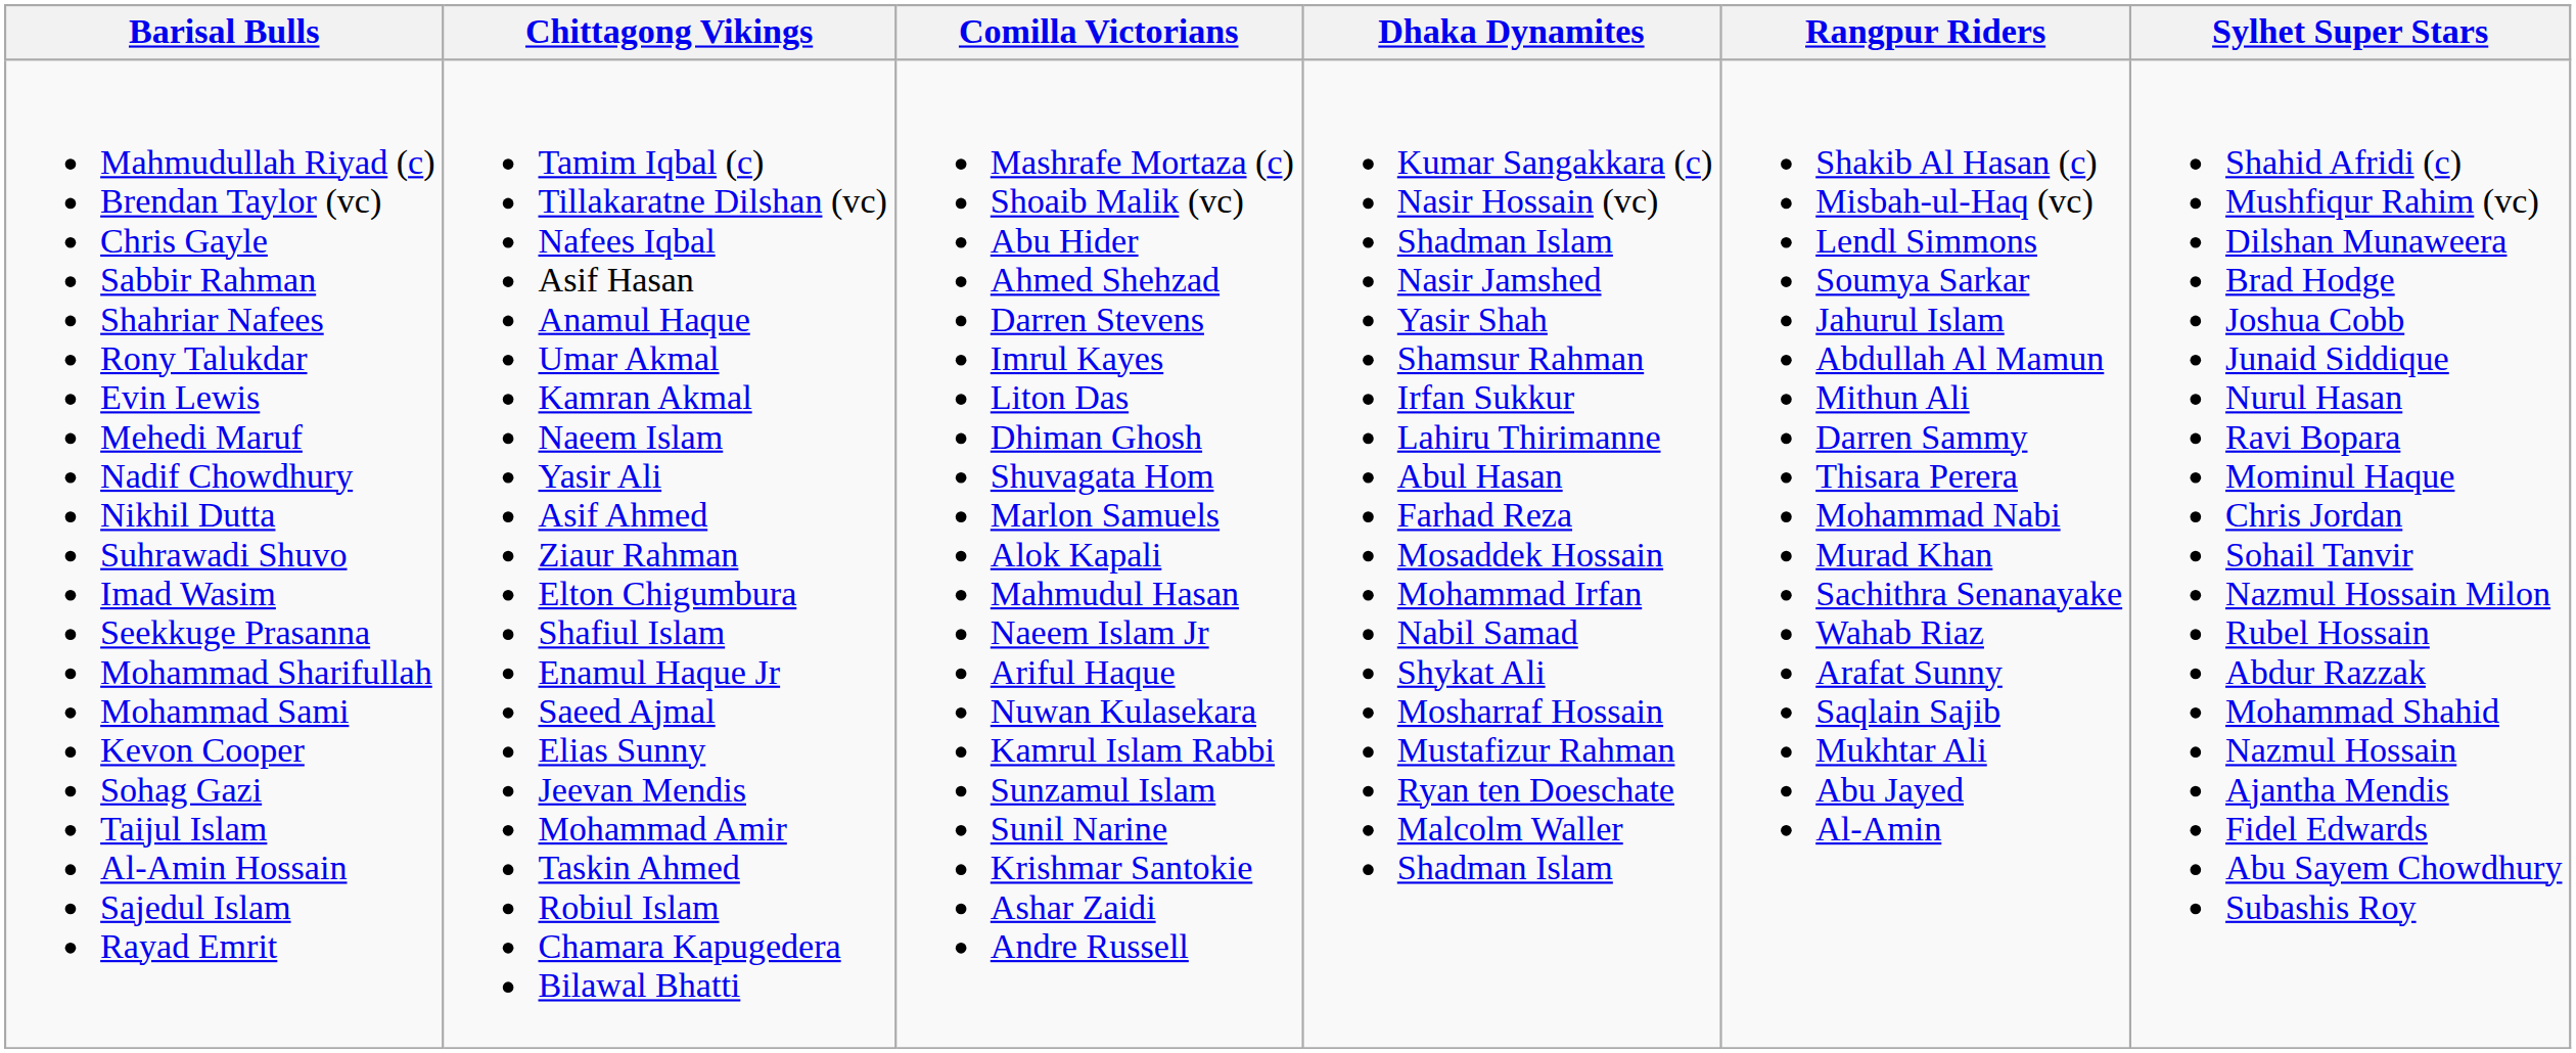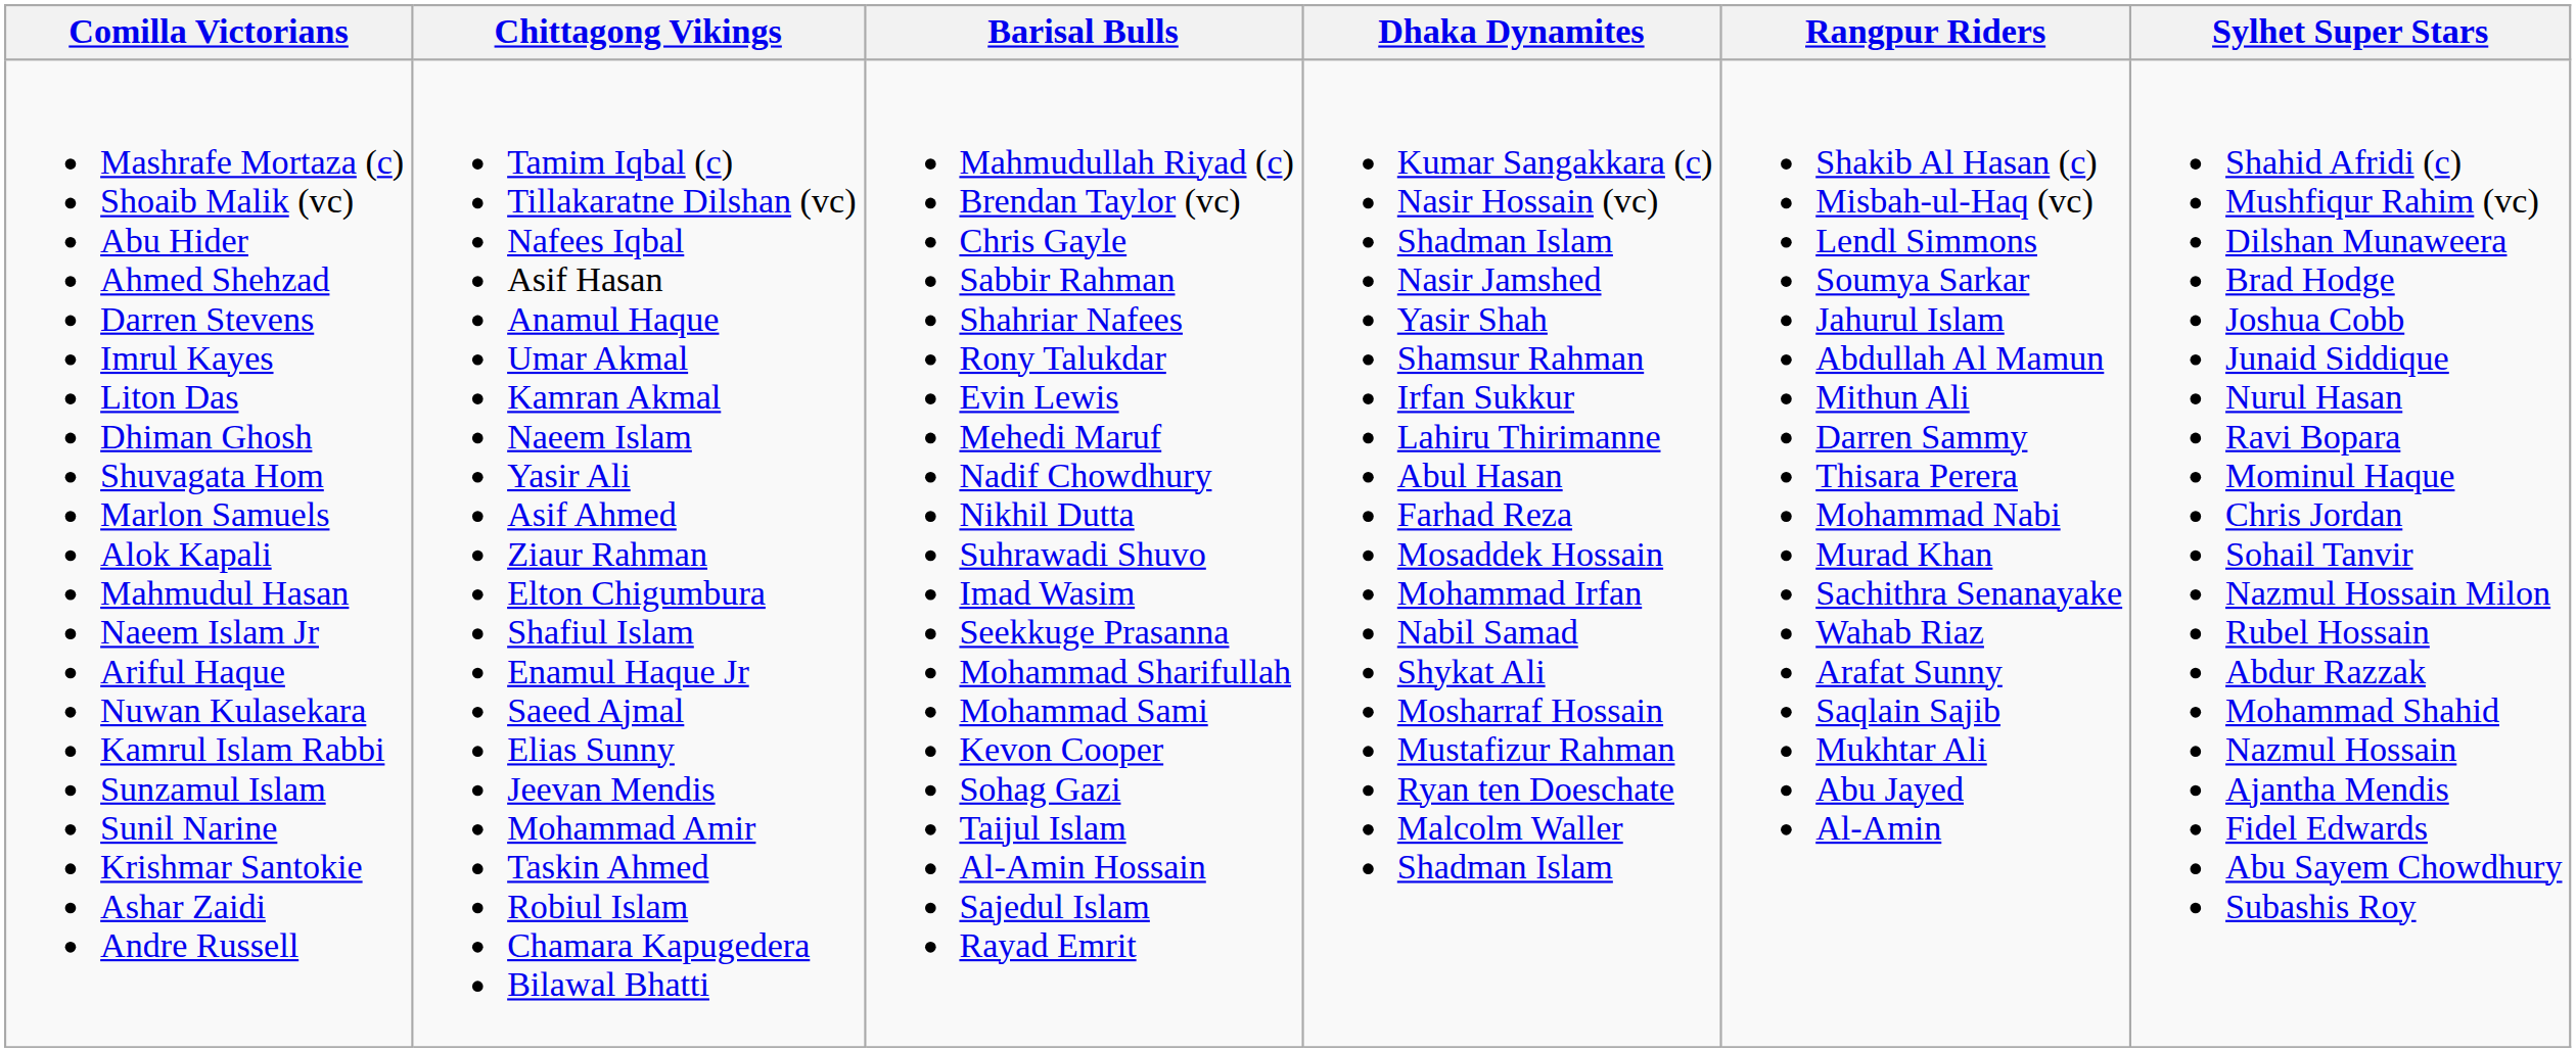 <table class="wikitable">
 <tr>
+<th><a href='#'>Comilla Victorians</a></th>
+<th><a href='#'>Chittagong Vikings</a></th>
 <th><a href='#'>Barisal Bulls</a></th>
-<th><a href='#'>Chittagong Vikings</a></th>
-<th><a href='#'>Comilla Victorians</a></th>
 <th><a href='#'>Dhaka Dynamites</a></th>
 <th><a href='#'>Rangpur Riders</a></th>
 <th><a href='#'>Sylhet Super Stars</a></th>
 </tr>
 <tr>
+<td valign=top><br><ul><li><a href='#'>Mashrafe Mortaza</a> (<a href='#'>c</a>)</li><li><a href='#'>Shoaib Malik</a> (vc)</li><li><a href='#'>Abu Hider</a></li><li><a href='#'>Ahmed Shehzad</a></li><li><a href='#'>Darren Stevens</a></li><li><a href='#'>Imrul Kayes</a></li><li><a href='#'>Liton Das</a></li><li><a href='#'>Dhiman Ghosh</a></li><li><a href='#'>Shuvagata Hom</a></li><li><a href='#'>Marlon Samuels</a></li><li><a href='#'>Alok Kapali</a></li><li><a href='#'>Mahmudul Hasan</a></li><li><a href='#'>Naeem Islam Jr</a></li><li><a href='#'>Ariful Haque</a></li><li><a href='#'>Nuwan Kulasekara</a></li><li><a href='#'>Kamrul Islam Rabbi</a></li><li><a href='#'>Sunzamul Islam</a></li><li><a href='#'>Sunil Narine</a></li><li><a href='#'>Krishmar Santokie</a></li><li><a href='#'>Ashar Zaidi</a></li><li><a href='#'>Andre Russell</a></li></ul></td>
+<td valign=top><br><ul><li><a href='#'>Tamim Iqbal</a> (<a href='#'>c</a>)</li><li><a href='#'>Tillakaratne Dilshan</a> (vc)</li><li><a href='#'>Nafees Iqbal</a></li><li>Asif Hasan</li><li><a href='#'>Anamul Haque</a></li><li><a href='#'>Umar Akmal</a></li><li><a href='#'>Kamran Akmal</a></li><li><a href='#'>Naeem Islam</a></li><li><a href='#'>Yasir Ali</a></li><li><a href='#'>Asif Ahmed</a></li><li><a href='#'>Ziaur Rahman</a></li><li><a href='#'>Elton Chigumbura</a></li><li><a href='#'>Shafiul Islam</a></li><li><a href='#'>Enamul Haque Jr</a></li><li><a href='#'>Saeed Ajmal</a></li><li><a href='#'>Elias Sunny</a></li><li><a href='#'>Jeevan Mendis</a></li><li><a href='#'>Mohammad Amir</a></li><li><a href='#'>Taskin Ahmed</a></li><li><a href='#'>Robiul Islam</a></li><li><a href='#'>Chamara Kapugedera</a></li><li><a href='#'>Bilawal Bhatti</a></li></ul></td>
 <td valign=top><br><ul><li><a href='#'>Mahmudullah Riyad</a> (<a href='#'>c</a>)</li><li><a href='#'>Brendan Taylor</a> (vc)</li><li><a href='#'>Chris Gayle</a></li><li><a href='#'>Sabbir Rahman</a></li><li><a href='#'>Shahriar Nafees</a></li><li><a href='#'>Rony Talukdar</a></li><li><a href='#'>Evin Lewis</a></li><li><a href='#'>Mehedi Maruf</a></li><li><a href='#'>Nadif Chowdhury</a></li><li><a href='#'>Nikhil Dutta</a></li><li><a href='#'>Suhrawadi Shuvo</a></li><li><a href='#'>Imad Wasim</a></li><li><a href='#'>Seekkuge Prasanna</a></li><li><a href='#'>Mohammad Sharifullah</a></li><li><a href='#'>Mohammad Sami</a></li><li><a href='#'>Kevon Cooper</a></li><li><a href='#'>Sohag Gazi</a></li><li><a href='#'>Taijul Islam</a></li><li><a href='#'>Al-Amin Hossain</a></li><li><a href='#'>Sajedul Islam</a></li><li><a href='#'>Rayad Emrit</a></li></ul></td>
-<td valign=top><br><ul><li><a href='#'>Tamim Iqbal</a> (<a href='#'>c</a>)</li><li><a href='#'>Tillakaratne Dilshan</a> (vc)</li><li><a href='#'>Nafees Iqbal</a></li><li>Asif Hasan</li><li><a href='#'>Anamul Haque</a></li><li><a href='#'>Umar Akmal</a></li><li><a href='#'>Kamran Akmal</a></li><li><a href='#'>Naeem Islam</a></li><li><a href='#'>Yasir Ali</a></li><li><a href='#'>Asif Ahmed</a></li><li><a href='#'>Ziaur Rahman</a></li><li><a href='#'>Elton Chigumbura</a></li><li><a href='#'>Shafiul Islam</a></li><li><a href='#'>Enamul Haque Jr</a></li><li><a href='#'>Saeed Ajmal</a></li><li><a href='#'>Elias Sunny</a></li><li><a href='#'>Jeevan Mendis</a></li><li><a href='#'>Mohammad Amir</a></li><li><a href='#'>Taskin Ahmed</a></li><li><a href='#'>Robiul Islam</a></li><li><a href='#'>Chamara Kapugedera</a></li><li><a href='#'>Bilawal Bhatti</a></li></ul></td>
-<td valign=top><br><ul><li><a href='#'>Mashrafe Mortaza</a> (<a href='#'>c</a>)</li><li><a href='#'>Shoaib Malik</a> (vc)</li><li><a href='#'>Abu Hider</a></li><li><a href='#'>Ahmed Shehzad</a></li><li><a href='#'>Darren Stevens</a></li><li><a href='#'>Imrul Kayes</a></li><li><a href='#'>Liton Das</a></li><li><a href='#'>Dhiman Ghosh</a></li><li><a href='#'>Shuvagata Hom</a></li><li><a href='#'>Marlon Samuels</a></li><li><a href='#'>Alok Kapali</a></li><li><a href='#'>Mahmudul Hasan</a></li><li><a href='#'>Naeem Islam Jr</a></li><li><a href='#'>Ariful Haque</a></li><li><a href='#'>Nuwan Kulasekara</a></li><li><a href='#'>Kamrul Islam Rabbi</a></li><li><a href='#'>Sunzamul Islam</a></li><li><a href='#'>Sunil Narine</a></li><li><a href='#'>Krishmar Santokie</a></li><li><a href='#'>Ashar Zaidi</a></li><li><a href='#'>Andre Russell</a></li></ul></td>
 <td valign=top><br><ul><li><a href='#'>Kumar Sangakkara</a> (<a href='#'>c</a>)</li><li><a href='#'>Nasir Hossain</a> (vc)</li><li><a href='#'>Shadman Islam</a></li><li><a href='#'>Nasir Jamshed</a></li><li><a href='#'>Yasir Shah</a></li><li><a href='#'>Shamsur Rahman</a></li><li><a href='#'>Irfan Sukkur</a></li><li><a href='#'>Lahiru Thirimanne</a></li><li><a href='#'>Abul Hasan</a></li><li><a href='#'>Farhad Reza</a></li><li><a href='#'>Mosaddek Hossain</a></li><li><a href='#'>Mohammad Irfan</a></li><li><a href='#'>Nabil Samad</a></li><li><a href='#'>Shykat Ali</a></li><li><a href='#'>Mosharraf Hossain</a></li><li><a href='#'>Mustafizur Rahman</a></li><li><a href='#'>Ryan ten Doeschate</a></li><li><a href='#'>Malcolm Waller</a></li><li><a href='#'>Shadman Islam</a></li></ul></td>
 <td valign=top><br><ul><li><a href='#'>Shakib Al Hasan</a> (<a href='#'>c</a>)</li><li><a href='#'>Misbah-ul-Haq</a> (vc)</li><li><a href='#'>Lendl Simmons</a></li><li><a href='#'>Soumya Sarkar</a></li><li><a href='#'>Jahurul Islam</a></li><li><a href='#'>Abdullah Al Mamun</a></li><li><a href='#'>Mithun Ali</a></li><li><a href='#'>Darren Sammy</a></li><li><a href='#'>Thisara Perera</a></li><li><a href='#'>Mohammad Nabi</a></li><li><a href='#'>Murad Khan</a></li><li><a href='#'>Sachithra Senanayake</a></li><li><a href='#'>Wahab Riaz</a></li><li><a href='#'>Arafat Sunny</a></li><li><a href='#'>Saqlain Sajib</a></li><li><a href='#'>Mukhtar Ali</a></li><li><a href='#'>Abu Jayed</a></li><li><a href='#'>Al-Amin</a></li></ul></td>
 <td valign=top><br><ul><li><a href='#'>Shahid Afridi</a> (<a href='#'>c</a>)</li><li><a href='#'>Mushfiqur Rahim</a> (vc)</li><li><a href='#'>Dilshan Munaweera</a></li><li><a href='#'>Brad Hodge</a></li><li><a href='#'>Joshua Cobb</a></li><li><a href='#'>Junaid Siddique</a></li><li><a href='#'>Nurul Hasan</a></li><li><a href='#'>Ravi Bopara</a></li><li><a href='#'>Mominul Haque</a></li><li><a href='#'>Chris Jordan</a></li><li><a href='#'>Sohail Tanvir</a></li><li><a href='#'>Nazmul Hossain Milon</a></li><li><a href='#'>Rubel Hossain</a></li><li><a href='#'>Abdur Razzak</a></li><li><a href='#'>Mohammad Shahid</a></li><li><a href='#'>Nazmul Hossain</a></li><li><a href='#'>Ajantha Mendis</a></li><li><a href='#'>Fidel Edwards</a></li><li><a href='#'>Abu Sayem Chowdhury</a></li><li><a href='#'>Subashis Roy</a></li></ul></td>
 </tr>
 </table>
